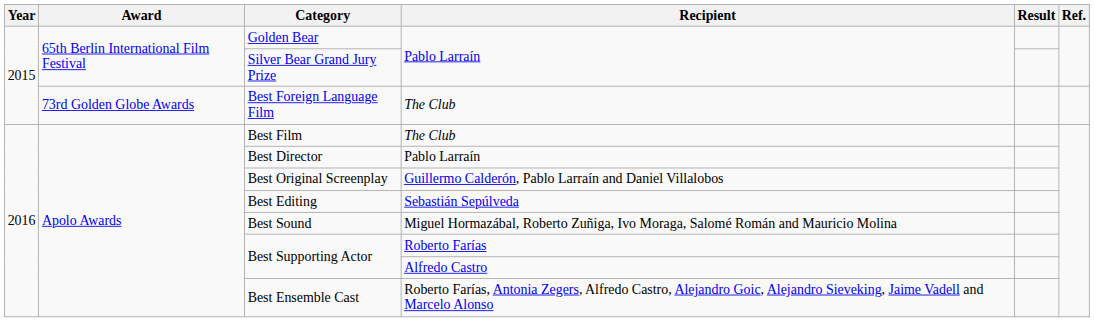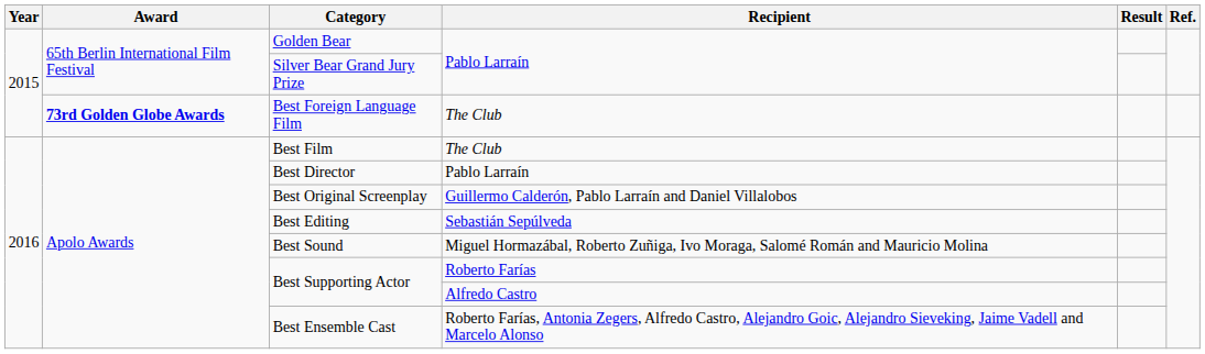 <table class="wikitable">
 <tr>
 <th>Year</th>
 <th>Award</th>
 <th>Category</th>
 <th>Recipient</th>
 <th>Result</th>
 <th>Ref.</th>
 </tr>
 <tr>
 <td rowspan="3">2015</td>
 <td rowspan="2"><a href='#'>65th Berlin International Film Festival</a></td>
 <td><a href='#'>Golden Bear</a></td>
 <td rowspan="2"><a href='#'>Pablo Larraín</a></td>
 <td></td>
 <td rowspan="2"></td>
 </tr>
 <tr>
 <td><a href='#'>Silver Bear Grand Jury Prize</a></td>
 <td></td>
 </tr>
 <tr>
-<td><a href='#'>73rd Golden Globe Awards</a></td>
+<td><strong><a href='#'>73rd Golden Globe Awards</a></strong></td>
 <td><a href='#'>Best Foreign Language Film</a></td>
 <td><em>The Club</em></td>
 <td></td>
 <td></td>
 </tr>
 <tr>
 <td rowspan="8">2016</td>
 <td rowspan="8"><a href='#'>Apolo Awards</a></td>
 <td>Best Film</td>
 <td><em>The Club</em></td>
 <td></td>
 <td rowspan="8"></td>
 </tr>
 <tr>
 <td>Best Director</td>
 <td>Pablo Larraín</td>
 <td></td>
 </tr>
 <tr>
 <td>Best Original Screenplay</td>
 <td><a href='#'>Guillermo Calderón</a>, Pablo Larraín and Daniel Villalobos</td>
 <td></td>
 </tr>
 <tr>
 <td>Best Editing</td>
 <td><a href='#'>Sebastián Sepúlveda</a></td>
 <td></td>
 </tr>
 <tr>
 <td>Best Sound</td>
 <td>Miguel Hormazábal, Roberto Zuñiga, Ivo Moraga, Salomé Román and Mauricio Molina</td>
 <td></td>
 </tr>
 <tr>
 <td rowspan="2">Best Supporting Actor</td>
 <td><a href='#'>Roberto Farías</a></td>
 <td></td>
 </tr>
 <tr>
 <td><a href='#'>Alfredo Castro</a></td>
 <td></td>
 </tr>
 <tr>
 <td>Best Ensemble Cast</td>
 <td>Roberto Farías, <a href='#'>Antonia Zegers</a>, Alfredo Castro, <a href='#'>Alejandro Goic</a>, <a href='#'>Alejandro Sieveking</a>, <a href='#'>Jaime Vadell</a> and <a href='#'>Marcelo Alonso</a></td>
 <td></td>
 </tr>
 </table>
